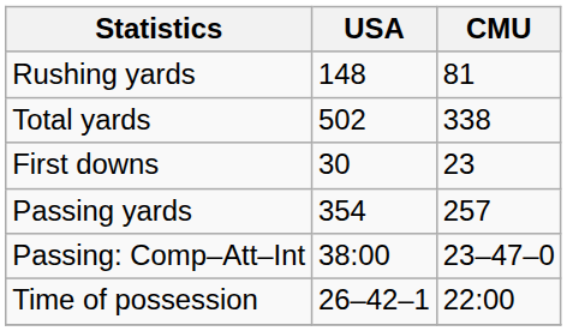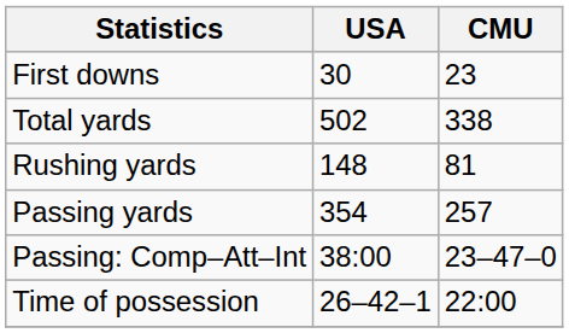 <table class="wikitable" style="float: left;">
 <tr>
 <th>Statistics</th>
 <th>USA</th>
 <th>CMU</th>
 </tr>
 <tr>
-<td>Rushing yards</td>
-<td>148</td>
-<td>81</td>
+<td>First downs</td>
+<td>30</td>
+<td>23</td>
 </tr>
 <tr>
 <td>Total yards</td>
 <td>502</td>
 <td>338</td>
 </tr>
 <tr>
-<td>First downs</td>
-<td>30</td>
-<td>23</td>
+<td>Rushing yards</td>
+<td>148</td>
+<td>81</td>
 </tr>
 <tr>
 <td>Passing yards</td>
 <td>354</td>
 <td>257</td>
 </tr>
 <tr>
 <td>Passing: Comp–Att–Int</td>
 <td>38:00</td>
 <td>23–47–0</td>
 </tr>
 <tr>
 <td>Time of possession</td>
 <td>26–42–1</td>
 <td>22:00</td>
 </tr>
 <tr>
 </tr>
 </table>
